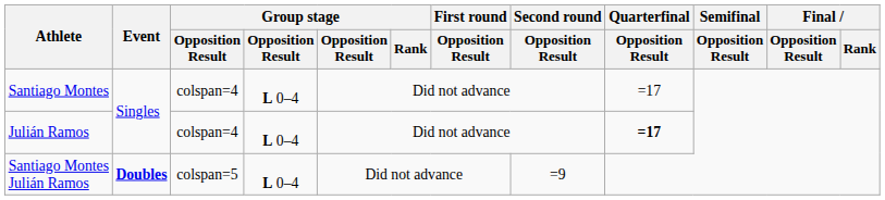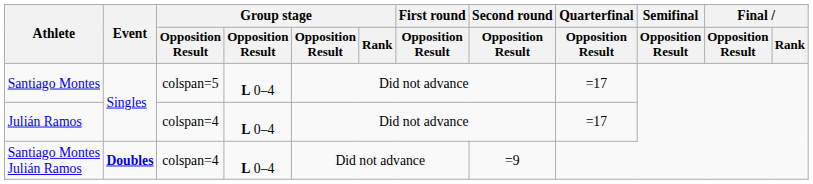 <table class=wikitable style=font-size:90%;text-align:center>
 <tr>
 <th rowspan=2>Athlete</th>
 <th rowspan=2>Event</th>
 <th colspan=4>Group stage</th>
 <th>First round</th>
 <th>Second round</th>
 <th>Quarterfinal</th>
 <th>Semifinal</th>
 <th colspan=2>Final / </th>
 </tr>
 <tr style=font-size:95%>
 <th>Opposition<br>Result</th>
 <th>Opposition<br>Result</th>
 <th>Opposition<br>Result</th>
 <th>Rank</th>
 <th>Opposition<br>Result</th>
 <th>Opposition<br>Result</th>
 <th>Opposition<br>Result</th>
 <th>Opposition<br>Result</th>
 <th>Opposition<br>Result</th>
 <th>Rank</th>
 </tr>
 <tr>
 <td align=left><a href='#'>Santiago Montes</a></td>
 <td align=left rowspan=2><a href='#'>Singles</a></td>
-<td>colspan=4 </td>
+<td>colspan=5 </td>
 <td><br><strong>L</strong> 0–4</td>
 <td colspan="4">Did not advance</td>
 <td>=17</td>
 </tr>
 <tr>
 <td align=left><a href='#'>Julián Ramos</a></td>
 <td>colspan=4 </td>
 <td><br><strong>L</strong> 0–4</td>
 <td colspan="4">Did not advance</td>
-<td><strong>=17</strong></td>
+<td>=17</td>
 </tr>
 <tr>
 <td align=left><a href='#'>Santiago Montes</a><br><a href='#'>Julián Ramos</a></td>
 <td align=left><strong><a href='#'>Doubles</a></strong></td>
-<td>colspan=5 </td>
+<td>colspan=4 </td>
 <td><br><strong>L</strong> 0–4</td>
 <td colspan="3">Did not advance</td>
 <td>=9</td>
 </tr>
 </table>
